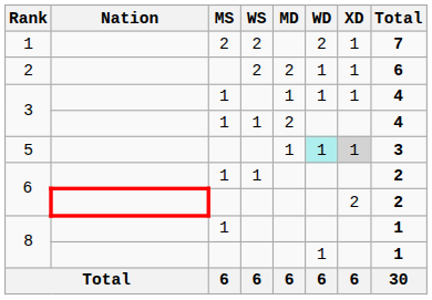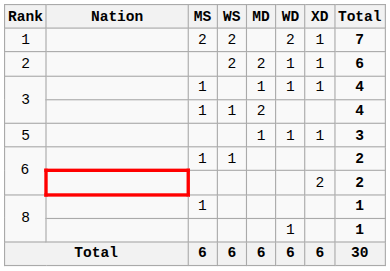 <table class="wikitable" style="text-align:center">
 <tr>
 <th width="20">Rank</th>
 <th width="120">Nation</th>
 <th width="20">MS</th>
 <th width="20">WS</th>
 <th width="20">MD</th>
 <th width="20">WD</th>
 <th width="20">XD</th>
 <th>Total</th>
 </tr>
 <tr align="center">
 <td>1</td>
 <td align="left"></td>
 <td>2</td>
 <td>2</td>
 <td></td>
 <td>2</td>
 <td>1</td>
 <td><strong>7</strong></td>
 </tr>
 <tr align="center">
 <td>2</td>
 <td align="left"></td>
 <td></td>
 <td>2</td>
 <td>2</td>
 <td>1</td>
 <td>1</td>
 <td><strong>6</strong></td>
 </tr>
 <tr align="center">
 <td rowspan="2">3</td>
 <td align="left"></td>
 <td>1</td>
 <td></td>
 <td>1</td>
 <td>1</td>
 <td>1</td>
 <td><strong>4</strong></td>
 </tr>
 <tr align="center">
 <td align="left"></td>
 <td>1</td>
 <td>1</td>
 <td>2</td>
 <td></td>
 <td></td>
 <td><strong>4</strong></td>
 </tr>
 <tr align="center">
 <td>5</td>
 <td align="left"></td>
 <td></td>
 <td></td>
 <td>1</td>
-<td style="background: paleturquoise;">1</td>
-<td style="background: lightgrey;">1</td>
+<td>1</td>
+<td>1</td>
 <td><strong>3</strong></td>
 </tr>
 <tr align="center">
 <td rowspan="2">6</td>
 <td align="left"></td>
 <td>1</td>
 <td>1</td>
 <td></td>
 <td></td>
 <td></td>
 <td><strong>2</strong></td>
 </tr>
 <tr align="center">
 <td align="left" style="border: 3px solid red"><strong></strong></td>
 <td></td>
 <td></td>
 <td></td>
 <td></td>
 <td>2</td>
 <td><strong>2</strong></td>
 </tr>
 <tr align="center">
 <td rowspan="2">8</td>
 <td align="left"></td>
 <td>1</td>
 <td></td>
 <td></td>
 <td></td>
 <td></td>
 <td><strong>1</strong></td>
 </tr>
 <tr align="center">
 <td align="left"></td>
 <td></td>
 <td></td>
 <td></td>
 <td>1</td>
 <td></td>
 <td><strong>1</strong></td>
 </tr>
 <tr>
 <th colspan="2">Total</th>
 <th>6</th>
 <th>6</th>
 <th>6</th>
 <th>6</th>
 <th>6</th>
 <th>30</th>
 </tr>
 </table>
